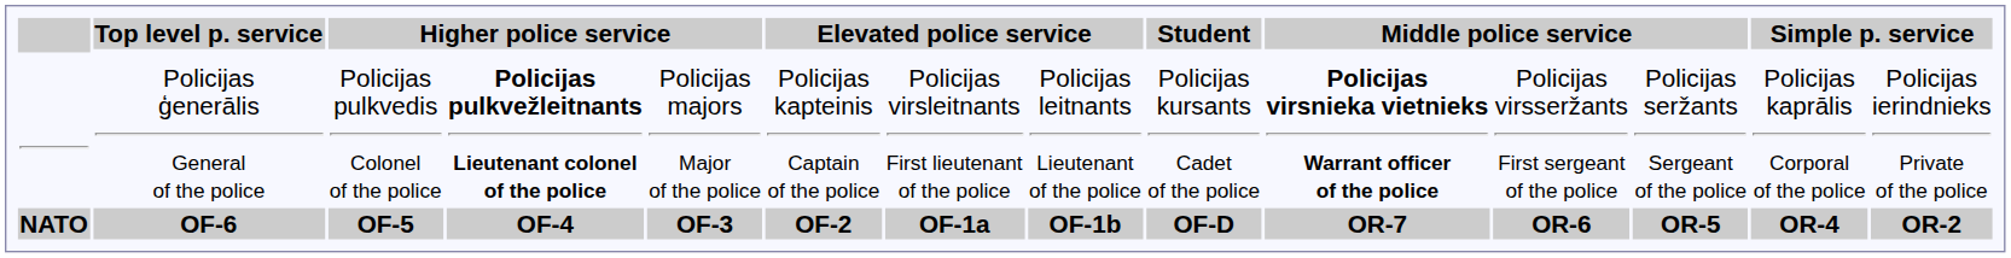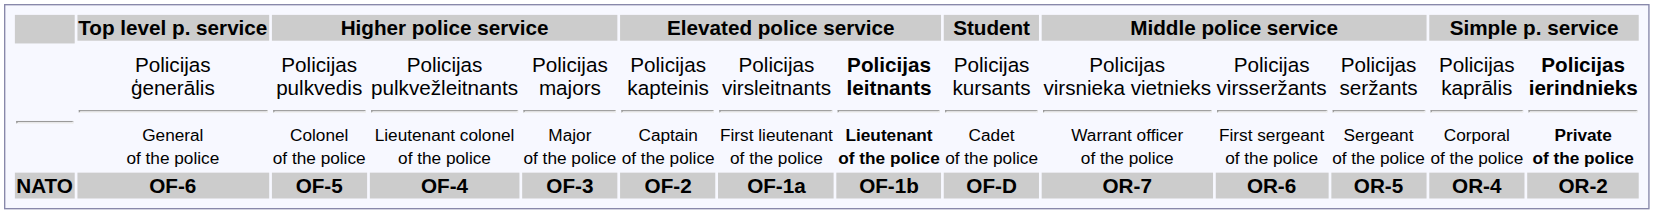 <table style="border:1px solid #8888aa; background-color:#f7f8ff; padding:5px; font-size:95%; margin: 0px 12px 12px 0px;">
 <tr style="background-color:#cccccc;">
 <td rowspan="2"></td>
 <th colspan="1">Top level p. service</th>
 <th colspan="3">Higher police service</th>
 <th colspan="3">Elevated police service</th>
 <th colspan="1">Student</th>
 <th colspan="3">Middle police service</th>
 <th colspan="2">Simple p. service</th>
 </tr>
 <tr style="text-align:center;">
 </tr>
 <tr align="center">
 <td></td>
 <td></td>
 <td></td>
 <td></td>
 <td></td>
 <td></td>
 <td></td>
 <td></td>
 <td></td>
 <td></td>
 <td></td>
 <td></td>
 <td></td>
 </tr>
 <tr align="center">
 <td><br><hr></td>
 <td>Policijas <br>ģenerālis <br><hr><small>General <br>of the police</small></td>
 <td>Policijas <br>pulkvedis <br><hr><small>Colonel <br>of the police</small></td>
-<td><strong>Policijas <br>pulkvežleitnants <br><hr><small>Lieutenant colonel <br>of the police</small></strong></td>
+<td>Policijas <br>pulkvežleitnants <br><hr><small>Lieutenant colonel <br>of the police</small></td>
 <td>Policijas <br>majors <br><hr><small>Major <br>of the police</small></td>
 <td>Policijas <br>kapteinis <br><hr><small>Captain <br>of the police</small></td>
 <td>Policijas <br>virsleitnants <br><hr><small>First lieutenant <br>of the police</small></td>
-<td>Policijas <br>leitnants <br><hr><small>Lieutenant <br>of the police</small></td>
+<td><strong>Policijas <br>leitnants <br><hr><small>Lieutenant <br>of the police</small></strong></td>
 <td>Policijas <br>kursants <br><hr><small>Cadet <br>of the police</small></td>
-<td><strong>Policijas <br>virsnieka vietnieks <br><hr><small>Warrant officer <br>of the police</small></strong></td>
+<td>Policijas <br>virsnieka vietnieks <br><hr><small>Warrant officer <br>of the police</small></td>
 <td>Policijas <br>virsseržants <br><hr><small>First sergeant <br>of the police</small></td>
 <td>Policijas <br>seržants <br><hr><small>Sergeant <br>of the police</small></td>
 <td>Policijas <br>kaprālis<br><hr><small>Corporal <br>of the police</small></td>
-<td>Policijas <br>ierindnieks <br><hr><small>Private <br>of the police</small></td>
+<td><strong>Policijas <br>ierindnieks <br><hr><small>Private <br>of the police</small></strong></td>
 </tr>
 <tr style="background-color:#cccccc;">
 <th>NATO</th>
 <th>OF-6</th>
 <th>OF-5</th>
 <th>OF-4</th>
 <th>OF-3</th>
 <th>OF-2</th>
 <th>OF-1a</th>
 <th>OF-1b</th>
 <th>OF-D</th>
 <th>OR-7</th>
 <th>OR-6</th>
 <th>OR-5</th>
 <th>OR-4</th>
 <th>OR-2</th>
 </tr>
 </table>
